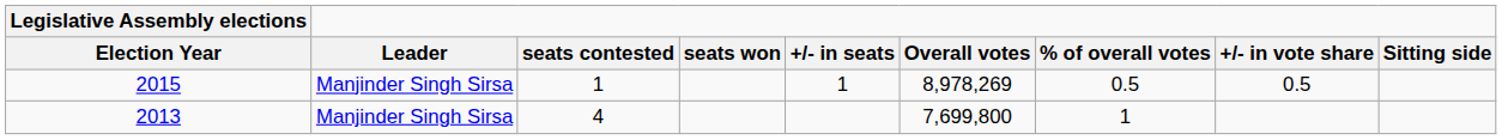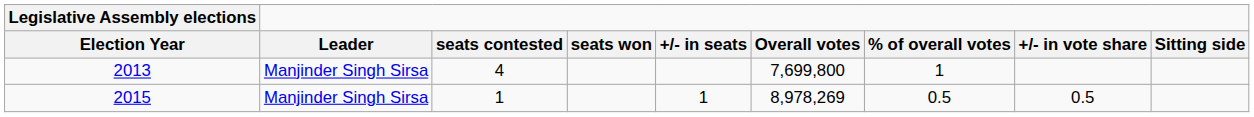 <table class="wikitable sortable " style="text-align:center;">
 <tr>
 <th style="background-color:">Legislative Assembly elections</th>
 </tr>
 <tr>
 <th style="background-color:">Election Year</th>
 <th style="background-color:">Leader</th>
 <th style="background-color:">seats contested</th>
 <th style="background-color:">seats won</th>
 <th style="background-color:">+/- in seats</th>
 <th style="background-color:">Overall votes</th>
 <th style="background-color:">% of overall votes</th>
 <th style="background-color:">+/- in vote share</th>
 <th style="background-color:">Sitting side</th>
 </tr>
 <tr>
+<td><a href='#'>2013</a></td>
+<td><a href='#'>Manjinder Singh Sirsa</a></td>
+<td>4</td>
+<td></td>
+<td></td>
+<td>7,699,800</td>
+<td>1</td>
+<td></td>
+<td></td>
+</tr>
+<tr>
 <td><a href='#'>2015</a></td>
 <td><a href='#'>Manjinder Singh Sirsa</a></td>
 <td>1</td>
 <td></td>
 <td> 1</td>
 <td>8,978,269</td>
 <td>0.5</td>
 <td> 0.5</td>
 <td></td>
 </tr>
-<tr>
-<td><a href='#'>2013</a></td>
-<td><a href='#'>Manjinder Singh Sirsa</a></td>
-<td>4</td>
-<td></td>
-<td></td>
-<td>7,699,800</td>
-<td>1</td>
-<td></td>
-<td></td>
-</tr>
 </table>
